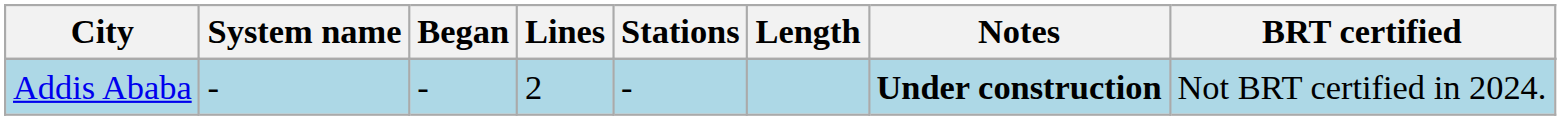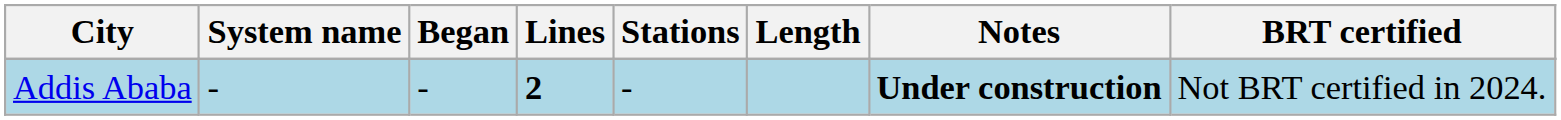 <table class="wikitable">
 <tr>
 <th>City</th>
 <th>System name</th>
 <th>Began</th>
 <th>Lines</th>
 <th>Stations</th>
 <th>Length</th>
 <th>Notes</th>
 <th>BRT certified</th>
 </tr>
 <tr>
 </tr>
 <tr style="background:lightblue;">
 <td><a href='#'>Addis Ababa</a></td>
 <td>-</td>
 <td>-</td>
-<td>2</td>
+<td><strong>2</strong></td>
 <td>-</td>
 <td></td>
 <td><strong>Under construction</strong></td>
 <td>Not BRT certified in 2024.</td>
 </tr>
 </table>
